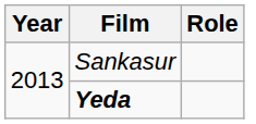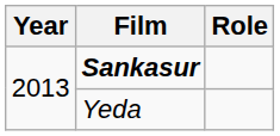 <table class="wikitable sortable">
 <tr>
 <th>Year</th>
 <th>Film</th>
 <th>Role</th>
 </tr>
 <tr>
 <td rowspan="2">2013</td>
-<td><em>Sankasur</em></td>
+<td><strong><em>Sankasur</em></strong></td>
 <td></td>
 </tr>
 <tr>
-<td><strong><em>Yeda</em></strong></td>
+<td><em>Yeda</em></td>
 </tr>
 </table>
